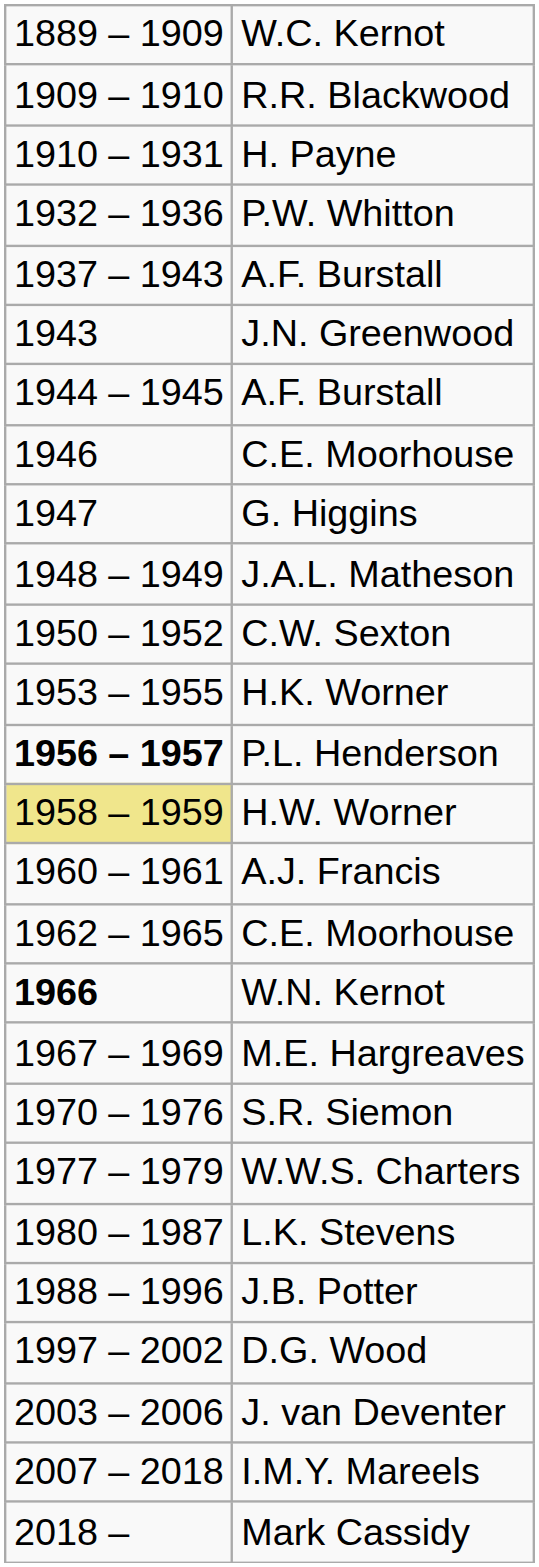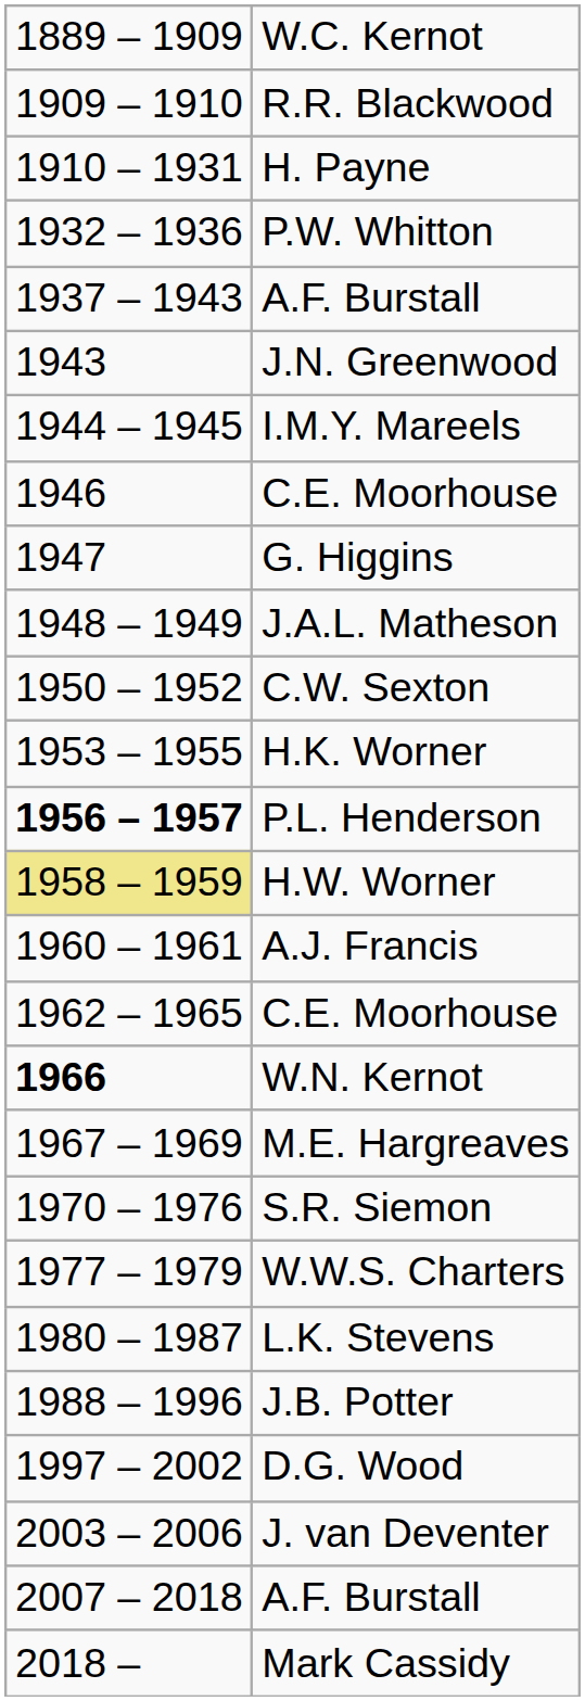 <table class="wikitable">
 <tr>
 <td>1889 – 1909</td>
 <td>W.C. Kernot</td>
 </tr>
 <tr>
 <td>1909 – 1910</td>
 <td>R.R. Blackwood</td>
 </tr>
 <tr>
 <td>1910 – 1931</td>
 <td>H. Payne</td>
 </tr>
 <tr>
 <td>1932 – 1936</td>
 <td>P.W. Whitton</td>
 </tr>
 <tr>
 <td>1937 – 1943</td>
 <td>A.F. Burstall</td>
 </tr>
 <tr>
 <td>1943</td>
 <td>J.N. Greenwood</td>
 </tr>
 <tr>
 <td>1944 – 1945</td>
-<td>A.F. Burstall</td>
+<td>I.M.Y. Mareels</td>
 </tr>
 <tr>
 <td>1946</td>
 <td>C.E. Moorhouse</td>
 </tr>
 <tr>
 <td>1947</td>
 <td>G. Higgins</td>
 </tr>
 <tr>
 <td>1948 – 1949</td>
 <td>J.A.L. Matheson</td>
 </tr>
 <tr>
 <td>1950 – 1952</td>
 <td>C.W. Sexton</td>
 </tr>
 <tr>
 <td>1953 – 1955</td>
 <td>H.K. Worner</td>
 </tr>
 <tr>
 <td><strong>1956 – 1957</strong></td>
 <td>P.L. Henderson</td>
 </tr>
 <tr>
 <td style="background: khaki;">1958 – 1959</td>
 <td>H.W. Worner</td>
 </tr>
 <tr>
 <td>1960 – 1961</td>
 <td>A.J. Francis</td>
 </tr>
 <tr>
 <td>1962 – 1965</td>
 <td>C.E. Moorhouse</td>
 </tr>
 <tr>
 <td><strong>1966</strong></td>
 <td>W.N. Kernot</td>
 </tr>
 <tr>
 <td>1967 – 1969</td>
 <td>M.E. Hargreaves</td>
 </tr>
 <tr>
 <td>1970 – 1976</td>
 <td>S.R. Siemon</td>
 </tr>
 <tr>
 <td>1977 – 1979</td>
 <td>W.W.S. Charters</td>
 </tr>
 <tr>
 <td>1980 – 1987</td>
 <td>L.K. Stevens</td>
 </tr>
 <tr>
 <td>1988 – 1996</td>
 <td>J.B. Potter</td>
 </tr>
 <tr>
 <td>1997 – 2002</td>
 <td>D.G. Wood</td>
 </tr>
 <tr>
 <td>2003 – 2006</td>
 <td>J. van Deventer</td>
 </tr>
 <tr>
 <td>2007 – 2018</td>
-<td>I.M.Y. Mareels</td>
+<td>A.F. Burstall</td>
 </tr>
 <tr>
 <td>2018 –</td>
 <td>Mark Cassidy</td>
 </tr>
 </table>
